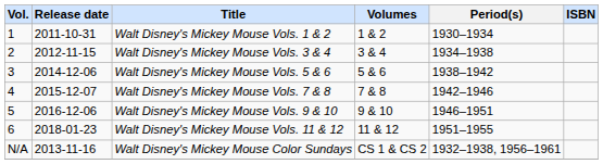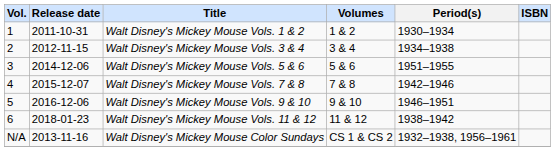 <table class="wikitable sortable">
 <tr>
 <th style="background-color:#D0E4FE" data-sort-type-"number">Vol.</th>
 <th style="background-color:#D0E4FE">Release date</th>
 <th style="background-color:#D0E4FE">Title</th>
 <th style="background-color:#D0E4FE">Volumes</th>
 <th style=″background-color:#DOE4FE″>Period(s)</th>
 <th style="background-color:#D0E4FE">ISBN</th>
 </tr>
 <tr>
 <td>1</td>
 <td>2011-10-31</td>
 <td><em>Walt Disney's Mickey Mouse Vols. 1 & 2</em></td>
 <td>1 & 2</td>
 <td>1930–1934</td>
 <td></td>
 </tr>
 <tr>
 <td>2</td>
 <td>2012-11-15</td>
 <td><em>Walt Disney's Mickey Mouse Vols. 3 & 4</em></td>
 <td>3 & 4</td>
 <td>1934–1938</td>
 <td></td>
 </tr>
 <tr>
 <td>3</td>
 <td>2014-12-06</td>
 <td><em>Walt Disney's Mickey Mouse Vols. 5 & 6</em></td>
 <td>5 & 6</td>
-<td>1938–1942</td>
+<td>1951–1955</td>
 <td></td>
 </tr>
 <tr>
 <td>4</td>
 <td>2015-12-07</td>
 <td><em>Walt Disney's Mickey Mouse Vols. 7 & 8</em></td>
 <td>7 & 8</td>
 <td>1942–1946</td>
 <td></td>
 </tr>
 <tr>
 <td>5</td>
 <td>2016-12-06</td>
 <td><em>Walt Disney's Mickey Mouse Vols. 9 & 10</em></td>
 <td>9 & 10</td>
 <td>1946–1951</td>
 <td></td>
 </tr>
 <tr>
 <td>6</td>
 <td>2018-01-23</td>
 <td><em>Walt Disney's Mickey Mouse Vols. 11 & 12</em></td>
 <td>11 & 12</td>
-<td>1951–1955</td>
+<td>1938–1942</td>
 <td></td>
 </tr>
 <tr>
 <td>N/A</td>
 <td>2013-11-16</td>
 <td><em>Walt Disney's Mickey Mouse Color Sundays</em></td>
 <td>CS 1 & CS 2</td>
 <td>1932–1938, 1956–1961</td>
 <td></td>
 </tr>
 <tr>
 </tr>
 </table>
